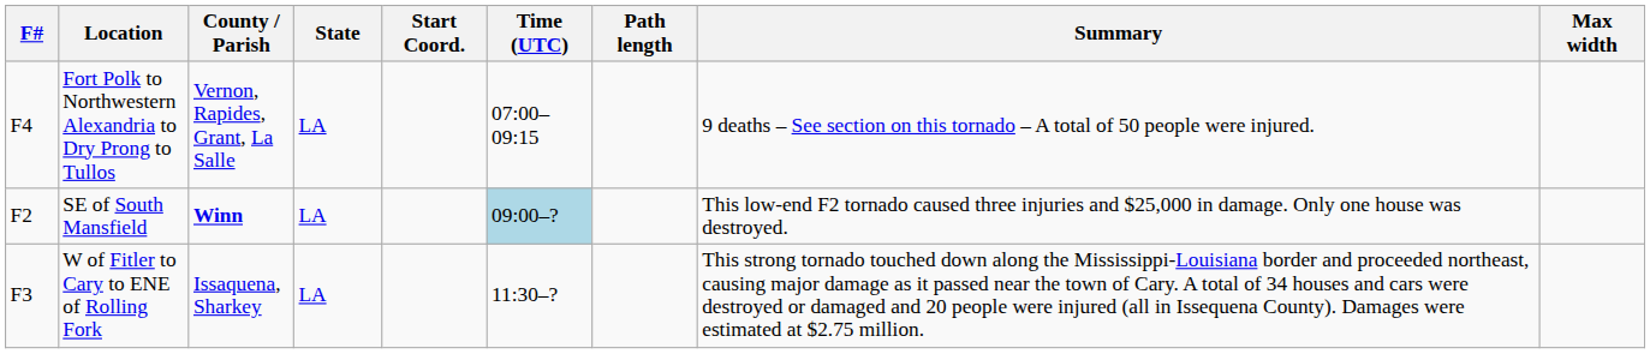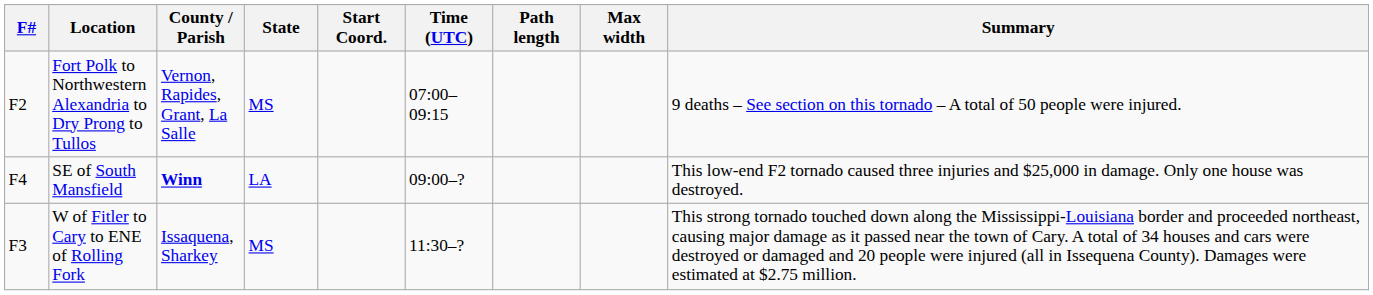 <table class="wikitable sortable" style="width:100%;">
 <tr>
 <th scope="col"  style="width:3%; text-align:center;"><a href='#'>F#</a></th>
 <th scope="col"  style="width:7%; text-align:center;" class="unsortable">Location</th>
 <th scope="col"  style="width:6%; text-align:center;" class="unsortable">County / Parish</th>
 <th scope="col"  style="width:5%; text-align:center;">State</th>
 <th scope="col"  style="width:6%; text-align:center;">Start Coord.</th>
 <th scope="col"  style="width:6%; text-align:center;">Time (<a href='#'>UTC</a>)</th>
 <th scope="col"  style="width:6%; text-align:center;">Path length</th>
+<th scope="col"  style="width:6%; text-align:center;">Max width</th>
 <th scope="col" class="unsortable" style="width:48%; text-align:center;">Summary</th>
-<th scope="col"  style="width:6%; text-align:center;">Max width</th>
+</tr>
+<tr>
+<td>F2</td>
+<td><a href='#'>Fort Polk</a> to Northwestern <a href='#'>Alexandria</a> to <a href='#'>Dry Prong</a> to <a href='#'>Tullos</a></td>
+<td><a href='#'>Vernon</a>, <a href='#'>Rapides</a>, <a href='#'>Grant</a>, <a href='#'>La Salle</a></td>
+<td><a href='#'>MS</a></td>
+<td></td>
+<td>07:00–09:15</td>
+<td></td>
+<td></td>
+<td>9 deaths – <a href='#'>See section on this tornado</a> – A total of 50 people were injured.</td>
 </tr>
 <tr>
 <td>F4</td>
-<td><a href='#'>Fort Polk</a> to Northwestern <a href='#'>Alexandria</a> to <a href='#'>Dry Prong</a> to <a href='#'>Tullos</a></td>
-<td><a href='#'>Vernon</a>, <a href='#'>Rapides</a>, <a href='#'>Grant</a>, <a href='#'>La Salle</a></td>
-<td><a href='#'>LA</a></td>
-<td></td>
-<td>07:00–09:15</td>
-<td></td>
-<td>9 deaths – <a href='#'>See section on this tornado</a> – A total of 50 people were injured.</td>
-<td></td>
-</tr>
-<tr>
-<td>F2</td>
 <td>SE of <a href='#'>South Mansfield</a></td>
 <td><strong><a href='#'>Winn</a></strong></td>
 <td><a href='#'>LA</a></td>
 <td></td>
-<td style="background: lightblue;">09:00–?</td>
+<td>09:00–?</td>
+<td></td>
 <td></td>
 <td>This low-end F2 tornado caused three injuries and $25,000 in damage. Only one house was destroyed.</td>
-<td></td>
 </tr>
 <tr>
 <td>F3</td>
 <td>W of <a href='#'>Fitler</a> to <a href='#'>Cary</a> to ENE of <a href='#'>Rolling Fork</a></td>
 <td><a href='#'>Issaquena</a>, <a href='#'>Sharkey</a></td>
-<td><a href='#'>LA</a></td>
+<td><a href='#'>MS</a></td>
 <td></td>
 <td>11:30–?</td>
 <td></td>
+<td></td>
 <td>This strong tornado touched down along the Mississippi-<a href='#'>Louisiana</a> border and proceeded northeast, causing major damage as it passed near the town of Cary. A total of 34 houses and cars were destroyed or damaged and 20 people were injured (all in Issequena County). Damages were estimated at $2.75 million.</td>
-<td></td>
 </tr>
 </table>
